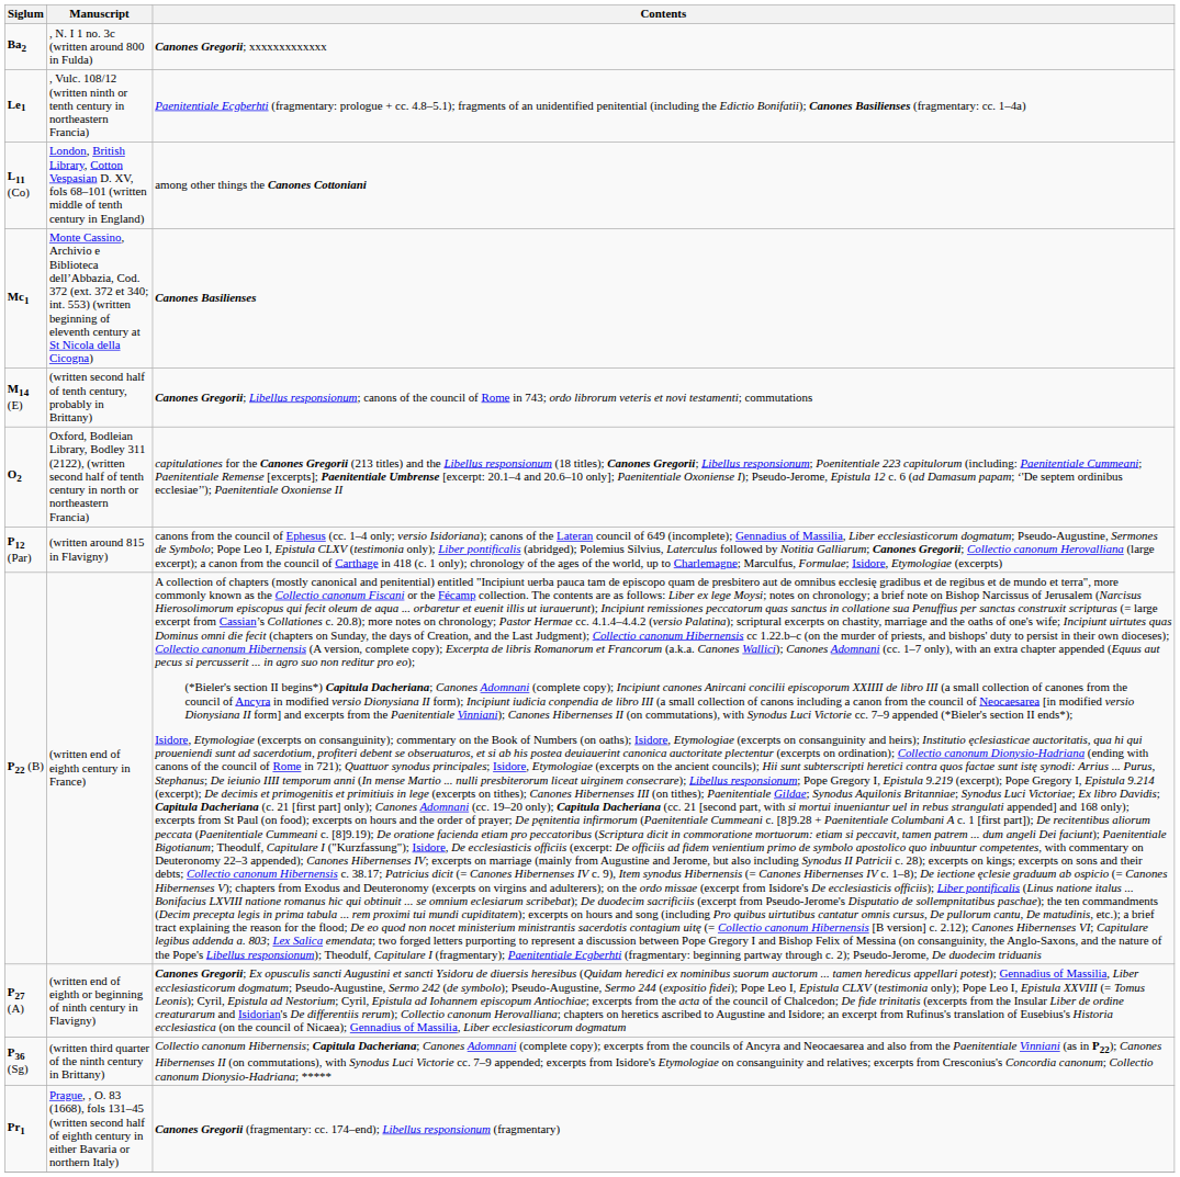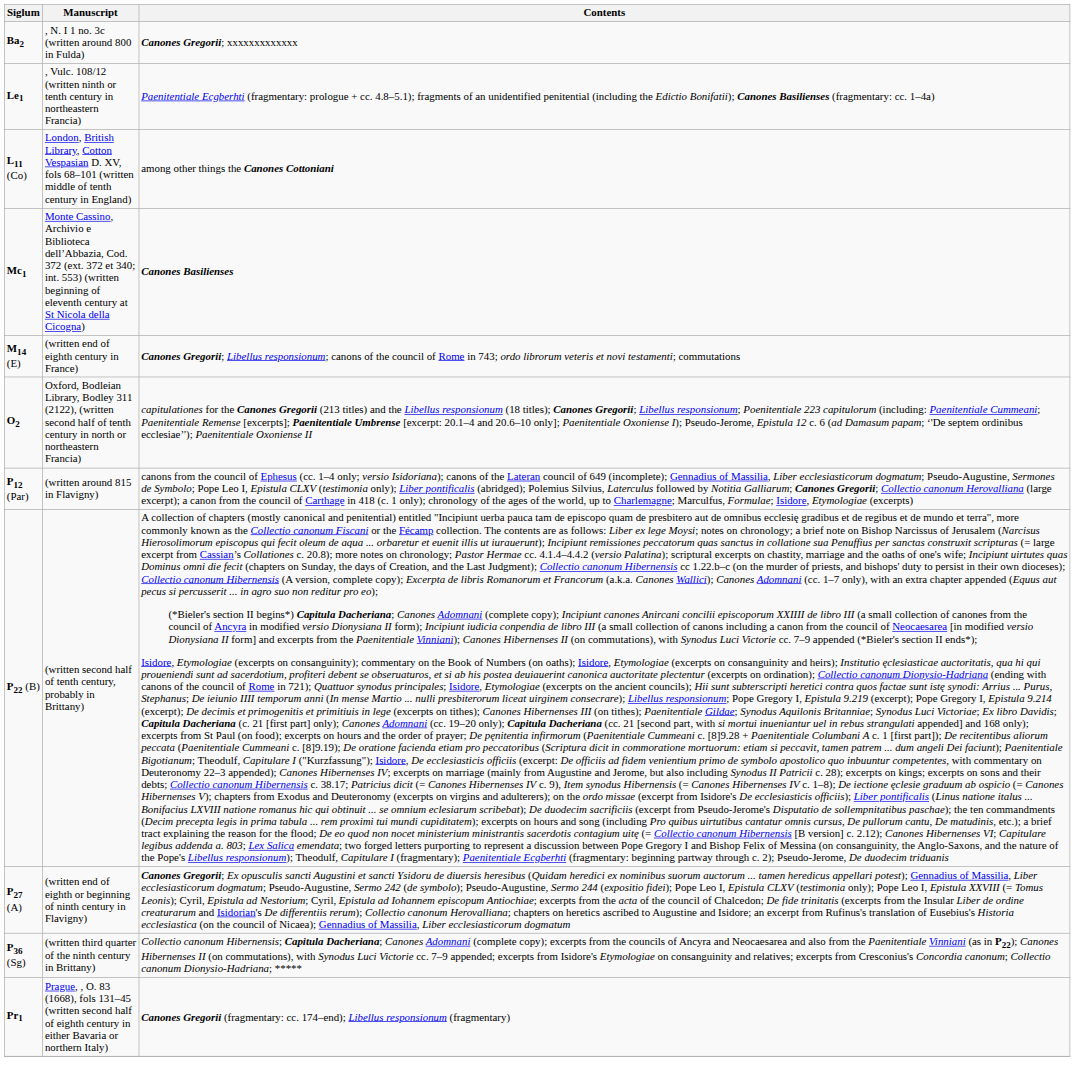 <table class="wikitable">
 <tr>
 <th>Siglum</th>
 <th>Manuscript</th>
 <th>Contents</th>
 </tr>
 <tr>
 <td><strong>Ba<sub>2</sub></strong></td>
 <td>, N. I 1 no. 3c (written around 800 in Fulda)</td>
 <td><strong><em>Canones Gregorii</em></strong>; xxxxxxxxxxxxx</td>
 </tr>
 <tr>
 <td><strong>Le<sub>1</sub></strong></td>
 <td>, Vulc. 108/12  (written ninth or tenth century in northeastern Francia)</td>
 <td><em><a href='#'>Paenitentiale Ecgberhti</a></em> (fragmentary: prologue + cc. 4.8–5.1); fragments of an unidentified penitential (including the <em>Edictio Bonifatii</em>); <strong><em>Canones Basilienses</em></strong> (fragmentary: cc. 1–4a)</td>
 </tr>
 <tr>
 <td><strong>L<sub>11</sub></strong> (Co)</td>
 <td><a href='#'>London</a>, <a href='#'>British Library</a>, <a href='#'>Cotton</a> <a href='#'>Vespasian</a> D. XV, fols 68–101 (written middle of tenth century in England)</td>
 <td>among other things the <strong><em>Canones Cottoniani</em></strong></td>
 </tr>
 <tr>
 <td><strong>Mc<sub>1</sub></strong></td>
 <td><a href='#'>Monte Cassino</a>, Archivio e Biblioteca dell’Abbazia, Cod. 372 (ext. 372 et 340; int. 553) (written beginning of eleventh century at <a href='#'>St Nicola della Cicogna</a>)</td>
 <td><strong><em>Canones Basilienses</em></strong></td>
 </tr>
 <tr>
 <td><strong>M<sub>14</sub></strong> (E)</td>
-<td> (written second half of tenth century, probably in Brittany)</td>
+<td> (written end of eighth century in France)</td>
 <td><strong><em>Canones Gregorii</em></strong>; <em><a href='#'>Libellus responsionum</a></em>; canons of the council of <a href='#'>Rome</a> in 743; <em>ordo librorum veteris et novi testamenti</em>; commutations</td>
 </tr>
 <tr>
 <td><strong>O<sub>2</sub></strong></td>
 <td>Oxford, Bodleian Library, Bodley 311 (2122), (written second half of tenth century in north or northeastern Francia)</td>
 <td><em>capitulationes</em> for the <strong><em>Canones Gregorii</em></strong> (213 titles) and the <em><a href='#'>Libellus responsionum</a></em> (18 titles); <strong><em>Canones Gregorii</em></strong>; <em><a href='#'>Libellus responsionum</a></em>; <em>Poenitentiale 223 capitulorum</em> (including: <em><a href='#'>Paenitentiale Cummeani</a></em>; <em>Paenitentiale Remense</em> [excerpts]; <strong><em>Paenitentiale Umbrense</em></strong> [excerpt: 20.1–4 and 20.6–10 only]; <em>Paenitentiale Oxoniense I</em>); Pseudo-Jerome, <em>Epistula 12</em> c. 6 (<em>ad Damasum papam</em>; ‘'De septem ordinibus ecclesiae’'); <em>Paenitentiale Oxoniense II</em></td>
 </tr>
 <tr>
 <td><strong>P<sub>12</sub></strong> (Par)</td>
 <td> (written around 815 in Flavigny)</td>
 <td>canons from the council of <a href='#'>Ephesus</a> (cc. 1–4 only; <em>versio Isidoriana</em>); canons of the <a href='#'>Lateran</a> council of 649 (incomplete); <a href='#'>Gennadius of Massilia</a>, <em>Liber ecclesiasticorum dogmatum</em>; Pseudo-Augustine, <em>Sermones de Symbolo</em>; Pope Leo I, <em>Epistula CLXV</em> (<em>testimonia</em> only); <em><a href='#'>Liber pontificalis</a></em> (abridged); Polemius Silvius, <em>Laterculus</em> followed by <em>Notitia Galliarum</em>; <strong><em>Canones Gregorii</em></strong>; <em><a href='#'>Collectio canonum Herovalliana</a></em> (large excerpt); a canon from the council of <a href='#'>Carthage</a> in 418 (c. 1 only); chronology of the ages of the world, up to <a href='#'>Charlemagne</a>; Marculfus, <em>Formulae</em>; <a href='#'>Isidore</a>, <em>Etymologiae</em> (excerpts)</td>
 </tr>
 <tr>
 <td><strong>P<sub>22</sub></strong> (B)</td>
-<td> (written end of eighth century in France)</td>
+<td> (written second half of tenth century, probably in Brittany)</td>
 <td>A collection of chapters (mostly canonical and penitential) entitled "Incipiunt uerba pauca tam de episcopo quam de presbitero aut de omnibus ecclesię gradibus et de regibus et de mundo et terra", more commonly known as the <em><a href='#'>Collectio canonum Fiscani</a></em> or the <a href='#'>Fécamp</a> collection. The contents are as follows: <em>Liber ex lege Moysi</em>; notes on chronology; a brief note on Bishop Narcissus of Jerusalem (<em>Narcisus Hierosolimorum episcopus qui fecit oleum de aqua ... orbaretur et euenit illis ut iurauerunt</em>); <em>Incipiunt remissiones peccatorum quas sanctus in collatione sua Penuffius per sanctas construxit scripturas</em> (= large excerpt from <a href='#'>Cassian</a>’s <em>Collationes</em> c. 20.8); more notes on chronology; <em>Pastor Hermae</em> cc. 4.1.4–4.4.2 (<em>versio Palatina</em>); scriptural excerpts on chastity, marriage and the oaths of one's wife; <em>Incipiunt uirtutes quas Dominus omni die fecit</em> (chapters on Sunday, the days of Creation, and the Last Judgment); <em><a href='#'>Collectio canonum Hibernensis</a></em> cc 1.22.b–c (on the murder of priests, and bishops' duty to persist in their own dioceses); <em><a href='#'>Collectio canonum Hibernensis</a></em> (A version, complete copy); <em>Excerpta de libris Romanorum et Francorum</em> (a.k.a. <em>Canones <a href='#'>Wallici</a></em>); <em>Canones <a href='#'>Adomnani</a></em> (cc. 1–7 only), with an extra chapter appended (<em>Equus aut pecus si percusserit ... in agro suo non reditur pro eo</em>);<br><blockquote> (*Bieler's section II begins*) <strong><em>Capitula Dacheriana</em></strong>; <em>Canones <a href='#'>Adomnani</a></em> (complete copy); <em>Incipiunt canones Anircani concilii episcoporum XXIIII de libro III</em> (a small collection of canones from the council of <a href='#'>Ancyra</a> in modified <em>versio Dionysiana II</em> form); <em>Incipiunt iudicia conpendia de libro III</em> (a small collection of canons including a canon from the council of <a href='#'>Neocaesarea</a> [in modified <em>versio Dionysiana II</em> form] and excerpts from the <em>Paenitentiale <a href='#'>Vinniani</a></em>); <em>Canones Hibernenses II</em> (on commutations), with <em>Synodus Luci Victorie</em> cc. 7–9 appended (*Bieler's section II ends*); </blockquote> <a href='#'>Isidore</a>, <em>Etymologiae</em> (excerpts on consanguinity); commentary on the Book of Numbers (on oaths); <a href='#'>Isidore</a>, <em>Etymologiae</em> (excerpts on consanguinity and heirs); <em>Institutio ęclesiasticae auctoritatis, qua hi qui proueniendi sunt ad sacerdotium, profiteri debent se obseruaturos, et si ab his postea deuiauerint canonica auctoritate plectentur</em> (excerpts on ordination); <em><a href='#'>Collectio canonum Dionysio-Hadriana</a></em> (ending with canons of the council of <a href='#'>Rome</a> in 721); <em>Quattuor synodus principales</em>; <a href='#'>Isidore</a>, <em>Etymologiae</em> (excerpts on the ancient councils); <em>Hii sunt subterscripti heretici contra quos factae sunt istę synodi: Arrius ... Purus, Stephanus</em>; <em>De ieiunio IIII temporum anni</em> (<em>In mense Martio ... nulli presbiterorum liceat uirginem consecrare</em>); <em><a href='#'>Libellus responsionum</a></em>; Pope Gregory I, <em>Epistula 9.219</em> (excerpt); Pope Gregory I, <em>Epistula 9.214</em> (excerpt); <em>De decimis et primogenitis et primitiuis in lege</em> (excerpts on tithes); <em>Canones Hibernenses III</em> (on tithes); <em>Paenitentiale <a href='#'>Gildae</a></em>; <em>Synodus Aquilonis Britanniae</em>; <em>Synodus Luci Victoriae</em>; <em>Ex libro Davidis</em>; <strong><em>Capitula Dacheriana</em></strong> (c. 21 [first part] only); <em>Canones <a href='#'>Adomnani</a></em> (cc. 19–20 only); <strong><em>Capitula Dacheriana</em></strong> (cc. 21 [second part, with <em>si mortui inueniantur uel in rebus strangulati</em> appended] and 168 only); excerpts from St Paul (on food); excerpts on hours and the order of prayer; <em>De pęnitentia infirmorum</em> (<em>Paenitentiale Cummeani</em> c. [8]9.28 + <em>Paenitentiale Columbani A</em> c. 1 [first part]); <em>De recitentibus aliorum peccata</em> (<em>Paenitentiale Cummeani</em> c. [8]9.19); <em>De oratione facienda etiam pro peccatoribus</em> (<em>Scriptura dicit in commoratione mortuorum: etiam si peccavit, tamen patrem ... dum angeli Dei faciunt</em>); <em>Paenitentiale Bigotianum</em>; Theodulf, <em>Capitulare I</em> ("Kurzfassung"); <a href='#'>Isidore</a>, <em>De ecclesiasticis officiis</em> (excerpt: <em>De officiis ad fidem venientium primo de symbolo apostolico quo inbuuntur competentes</em>, with commentary on Deuteronomy 22–3 appended); <em>Canones Hibernenses IV</em>; excerpts on marriage (mainly from Augustine and Jerome, but also including <em>Synodus II Patricii</em> c. 28); excerpts on kings; excerpts on sons and their debts; <em><a href='#'>Collectio canonum Hibernensis</a></em> c. 38.17; <em>Patricius dicit</em> (= <em>Canones Hibernenses IV</em> c. 9), <em>Item synodus Hibernensis</em> (= <em>Canones Hibernenses IV</em> c. 1–8); <em>De iectione ęclesie graduum ab ospicio</em> (= <em>Canones Hibernenses V</em>); chapters from Exodus and Deuteronomy (excerpts on virgins and adulterers); on the <em>ordo missae</em> (excerpt from Isidore's <em>De ecclesiasticis officiis</em>); <em><a href='#'>Liber pontificalis</a></em> (<em>Linus natione italus ... Bonifacius LXVIII natione romanus hic qui obtinuit ... se omnium eclesiarum scribebat</em>); <em>De duodecim sacrificiis</em> (excerpt from Pseudo-Jerome's <em>Disputatio de sollempnitatibus paschae</em>); the ten commandments (<em>Decim precepta legis in prima tabula ... rem proximi tui mundi cupiditatem</em>); excerpts on hours and song (including <em>Pro quibus uirtutibus cantatur omnis cursus</em>, <em>De pullorum cantu</em>, <em>De matudinis</em>, etc.); a brief tract explaining the reason for the flood; <em>De eo quod non nocet ministerium ministrantis sacerdotis contagium uitę</em> (= <em><a href='#'>Collectio canonum Hibernensis</a></em> [B version] c. 2.12); <em>Canones Hibernenses VI</em>; <em>Capitulare legibus addenda a. 803</em>; <em><a href='#'>Lex Salica</a> emendata</em>; two forged letters purporting to represent a discussion between Pope Gregory I and Bishop Felix of Messina (on consanguinity, the Anglo-Saxons, and the nature of the Pope's <em><a href='#'>Libellus responsionum</a></em>); Theodulf, <em>Capitulare I</em> (fragmentary); <em><a href='#'>Paenitentiale Ecgberhti</a></em> (fragmentary: beginning partway through c. 2); Pseudo-Jerome, <em>De duodecim triduanis</em></td>
 </tr>
 <tr>
 <td><strong>P<sub>27</sub></strong> (A)</td>
 <td> (written end of eighth or beginning of ninth century in Flavigny)</td>
 <td><strong><em>Canones Gregorii</em></strong>; <em>Ex opusculis sancti Augustini et sancti Ysidoru de diuersis heresibus</em> (<em>Quidam heredici ex nominibus suorum auctorum ... tamen heredicus appellari potest</em>); <a href='#'>Gennadius of Massilia</a>, <em>Liber ecclesiasticorum dogmatum</em>; Pseudo-Augustine, <em>Sermo 242</em> (<em>de symbolo</em>); Pseudo-Augustine, <em>Sermo 244</em> (<em>expositio fidei</em>); Pope Leo I, <em>Epistula CLXV</em> (<em>testimonia</em> only); Pope Leo I, <em>Epistula XXVIII</em> (= <em>Tomus Leonis</em>); Cyril, <em>Epistula ad Nestorium</em>; Cyril, <em>Epistula ad Iohannem episcopum Antiochiae</em>; excerpts from the <em>acta</em> of the council of Chalcedon; <em>De fide trinitatis</em> (excerpts from the Insular <em>Liber de ordine creaturarum</em> and <a href='#'>Isidorian</a>'s <em>De differentiis rerum</em>); <em>Collectio canonum Herovalliana</em>; chapters on heretics ascribed to Augustine and Isidore; an excerpt from Rufinus's translation of Eusebius's <em>Historia ecclesiastica</em> (on the council of Nicaea); <a href='#'>Gennadius of Massilia</a>, <em>Liber ecclesiasticorum dogmatum</em></td>
 </tr>
 <tr>
 <td><strong>P<sub>36</sub></strong> (Sg)</td>
 <td> (written third quarter of the ninth century in Brittany)</td>
 <td><em>Collectio canonum Hibernensis</em>; <strong><em>Capitula Dacheriana</em></strong>; <em>Canones <a href='#'>Adomnani</a></em> (complete copy); excerpts from the councils of Ancyra and Neocaesarea and also from the <em>Paenitentiale <a href='#'>Vinniani</a></em> (as in <strong>P<sub>22</sub></strong>); <em>Canones Hibernenses II</em> (on commutations), with <em>Synodus Luci Victorie</em> cc. 7–9 appended; excerpts from Isidore's <em>Etymologiae</em> on consanguinity and relatives; excerpts from Cresconius's <em>Concordia canonum</em>; <em>Collectio canonum Dionysio-Hadriana</em>; *****</td>
 </tr>
 <tr>
 <td><strong>Pr<sub>1</sub></strong></td>
 <td><a href='#'>Prague</a>, , O. 83 (1668), fols 131–45 (written second half of eighth century in either Bavaria or northern Italy)</td>
 <td><strong><em>Canones Gregorii</em></strong> (fragmentary: cc. 174–end); <em><a href='#'>Libellus responsionum</a></em> (fragmentary)</td>
 </tr>
 <tr>
 </tr>
 </table>
